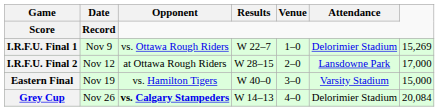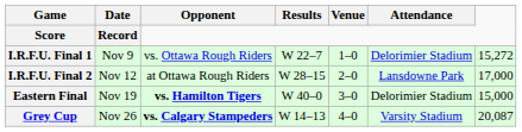 <table class="wikitable" style="text-align:center">
 <tr>
 <th>Game</th>
 <th>Date</th>
 <th>Opponent</th>
 <th>Results</th>
 <th>Venue</th>
 <th>Attendance</th>
 </tr>
 <tr>
 <th>Score</th>
 <th>Record</th>
 </tr>
 <tr style="background:#ddffdd">
 <th>I.R.F.U. Final 1</th>
 <td>Nov 9</td>
 <td>vs. <a href='#'>Ottawa Rough Riders</a></td>
 <td>W 22–7</td>
 <td>1–0</td>
 <td><a href='#'>Delorimier Stadium</a></td>
-<td>15,269</td>
+<td>15,272</td>
 </tr>
 <tr style="background:#ddffdd">
 <th>I.R.F.U. Final 2</th>
 <td>Nov 12</td>
 <td>at Ottawa Rough Riders</td>
 <td>W 28–15</td>
 <td>2–0</td>
 <td><a href='#'>Lansdowne Park</a></td>
 <td>17,000</td>
 </tr>
 <tr style="background:#ddffdd">
 <th>Eastern Final</th>
 <td>Nov 19</td>
-<td>vs. <a href='#'>Hamilton Tigers</a></td>
+<td><strong>vs. <a href='#'>Hamilton Tigers</a></strong></td>
 <td>W 40–0</td>
 <td>3–0</td>
-<td><a href='#'>Varsity Stadium</a></td>
+<td>Delorimier Stadium</td>
 <td>15,000</td>
 </tr>
 <tr style="background:#ddffdd">
 <th><a href='#'>Grey Cup</a></th>
 <td>Nov 26</td>
 <td><strong>vs. <a href='#'>Calgary Stampeders</a></strong></td>
 <td>W 14–13</td>
 <td>4–0</td>
-<td>Delorimier Stadium</td>
-<td>20,084</td>
+<td><a href='#'>Varsity Stadium</a></td>
+<td>20,087</td>
 </tr>
 </table>
